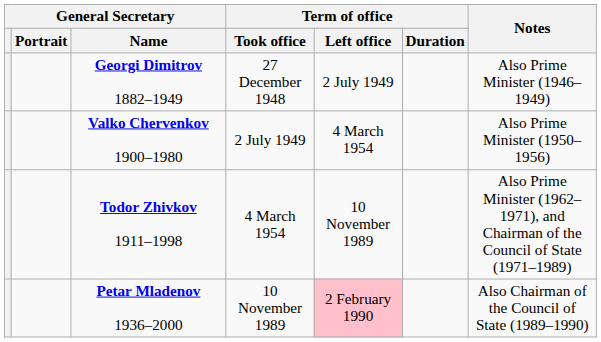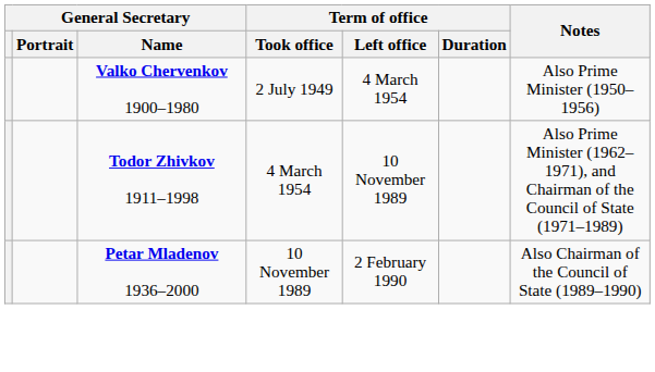 <table class="wikitable" style="text-align:center; width:100%">
 <tr>
 <th width=35% colspan=3>General Secretary</th>
 <th width=40% colspan=3>Term of office</th>
 <th width=25% rowspan=2>Notes</th>
 </tr>
 <tr>
 <th></th>
 <th>Portrait</th>
 <th width=30%>Name<br></th>
 <th>Took office</th>
 <th>Left office</th>
 <th>Duration</th>
-</tr>
-<tr>
-<th style="background:"></th>
-<td></td>
-<td><strong><a href='#'>Georgi Dimitrov</a></strong><br><br>1882–1949<br></td>
-<td>27 December 1948</td>
-<td>2 July 1949</td>
-<td></td>
-<td>Also Prime Minister (1946–1949)</td>
 </tr>
 <tr>
 <th style="background:"></th>
 <td></td>
 <td><strong><a href='#'>Valko Chervenkov</a></strong><br><br>1900–1980<br></td>
 <td>2 July 1949</td>
 <td>4 March 1954</td>
 <td></td>
 <td>Also Prime Minister (1950–1956)</td>
 </tr>
 <tr>
 <th style="background:"></th>
 <td></td>
 <td><strong><a href='#'>Todor Zhivkov</a></strong><br><br>1911–1998<br></td>
 <td>4 March 1954</td>
 <td>10 November 1989</td>
 <td></td>
 <td>Also Prime Minister (1962–1971), and Chairman of the Council of State (1971–1989)</td>
 </tr>
 <tr>
 <th style="background:"></th>
 <td></td>
 <td><strong><a href='#'>Petar Mladenov</a></strong><br><br>1936–2000<br></td>
 <td>10 November 1989</td>
-<td style="background: pink;">2 February 1990</td>
+<td>2 February 1990</td>
 <td></td>
 <td>Also Chairman of the Council of State (1989–1990)</td>
 </tr>
 </table>
